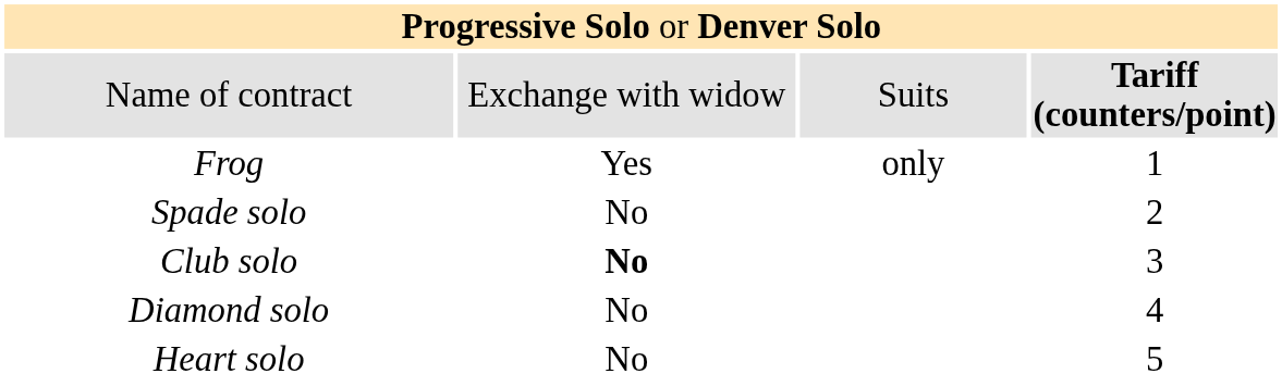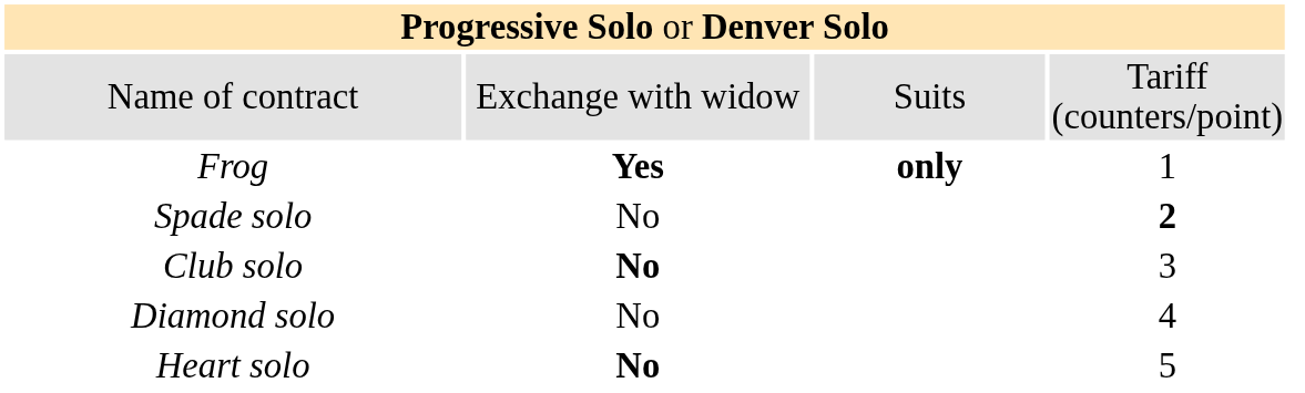 <table style="wikitable" style="float: middle; background: #7C9ED9; margin-left: 1em; border-spacing: 1px;">
 <tr align="center">
 <td style="background: #FFE5B4;" colspan="4"><strong>Progressive Solo</strong> or <strong>Denver Solo</strong></td>
 </tr>
 <tr align="center">
 <td style="width: 200px; background: #e3e3e3;">Name of contract</td>
 <td style="width: 150px; background: #e3e3e3;">Exchange with widow</td>
 <td style="width: 100px; background: #e3e3e3;">Suits</td>
-<td style="width: 100px; background: #e3e3e3;"><strong>Tariff (counters/point)</strong></td>
+<td style="width: 100px; background: #e3e3e3;">Tariff (counters/point)</td>
 </tr>
 <tr align="center">
 <td style="background: #ffffff;"><em>Frog</em></td>
-<td style="background: #ffffff;">Yes</td>
-<td style="background: #ffffff;"> only</td>
+<td style="background: #ffffff;"><strong>Yes</strong></td>
+<td style="background: #ffffff;"><strong> only</strong></td>
 <td style="background: #ffffff;">1</td>
 </tr>
 <tr align="center">
 <td style="background: #ffffff;"><em>Spade solo</em></td>
 <td style="background: #ffffff;">No</td>
 <td style="background: #ffffff;"></td>
-<td style="background: #ffffff;">2</td>
+<td style="background: #ffffff;"><strong>2</strong></td>
 </tr>
 <tr align="center">
 <td style="background: #ffffff;"><em>Club solo</em></td>
 <td style="background: #ffffff;"><strong>No</strong></td>
 <td style="background: #ffffff;"></td>
 <td style="background: #ffffff;">3</td>
 </tr>
 <tr align="center">
 <td style="background: #ffffff;"><em>Diamond solo</em></td>
 <td style="background: #ffffff;">No</td>
 <td style="background: #ffffff;"></td>
 <td style="background: #ffffff;">4</td>
 </tr>
 <tr align="center">
 <td style="background: #ffffff;"><em>Heart solo</em></td>
-<td style="background: #ffffff;">No</td>
+<td style="background: #ffffff;"><strong>No</strong></td>
 <td style="background: #ffffff;"></td>
 <td style="background: #ffffff;">5</td>
 </tr>
 </table>
